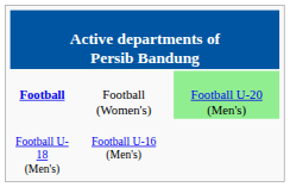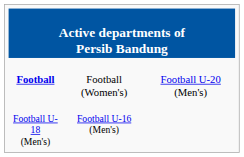 <table class="infobox" style="font-size: 88%; width: 22em; text-align: center">
 <tr>
 <th colspan=3 style="font-size: 125%; background-color:#0055A2; color:white; text-align:center;"><br>Active departments of<br>Persib Bandung</th>
 </tr>
 <tr style="text-align: center">
 <td><br><strong><a href='#'>Football</a><strong><em></td>
 <td><br></em></strong>Football (Women's)<strong><em></td>
-<td style="background: lightgreen;"><br></strong><a href='#'>Football U-20</a> (Men's)<strong></td>
+<td><br></strong><a href='#'>Football U-20</a> (Men's)<strong></td>
 </tr>
 <tr style="font-size: 90%; text-align: center">
 <td><br></strong><a href='#'>Football U-18</a><br> (Men's)<strong></td>
 <td><br></strong><a href='#'>Football U-16</a><br> (Men's)<strong></td>
 </tr>
 </table>
